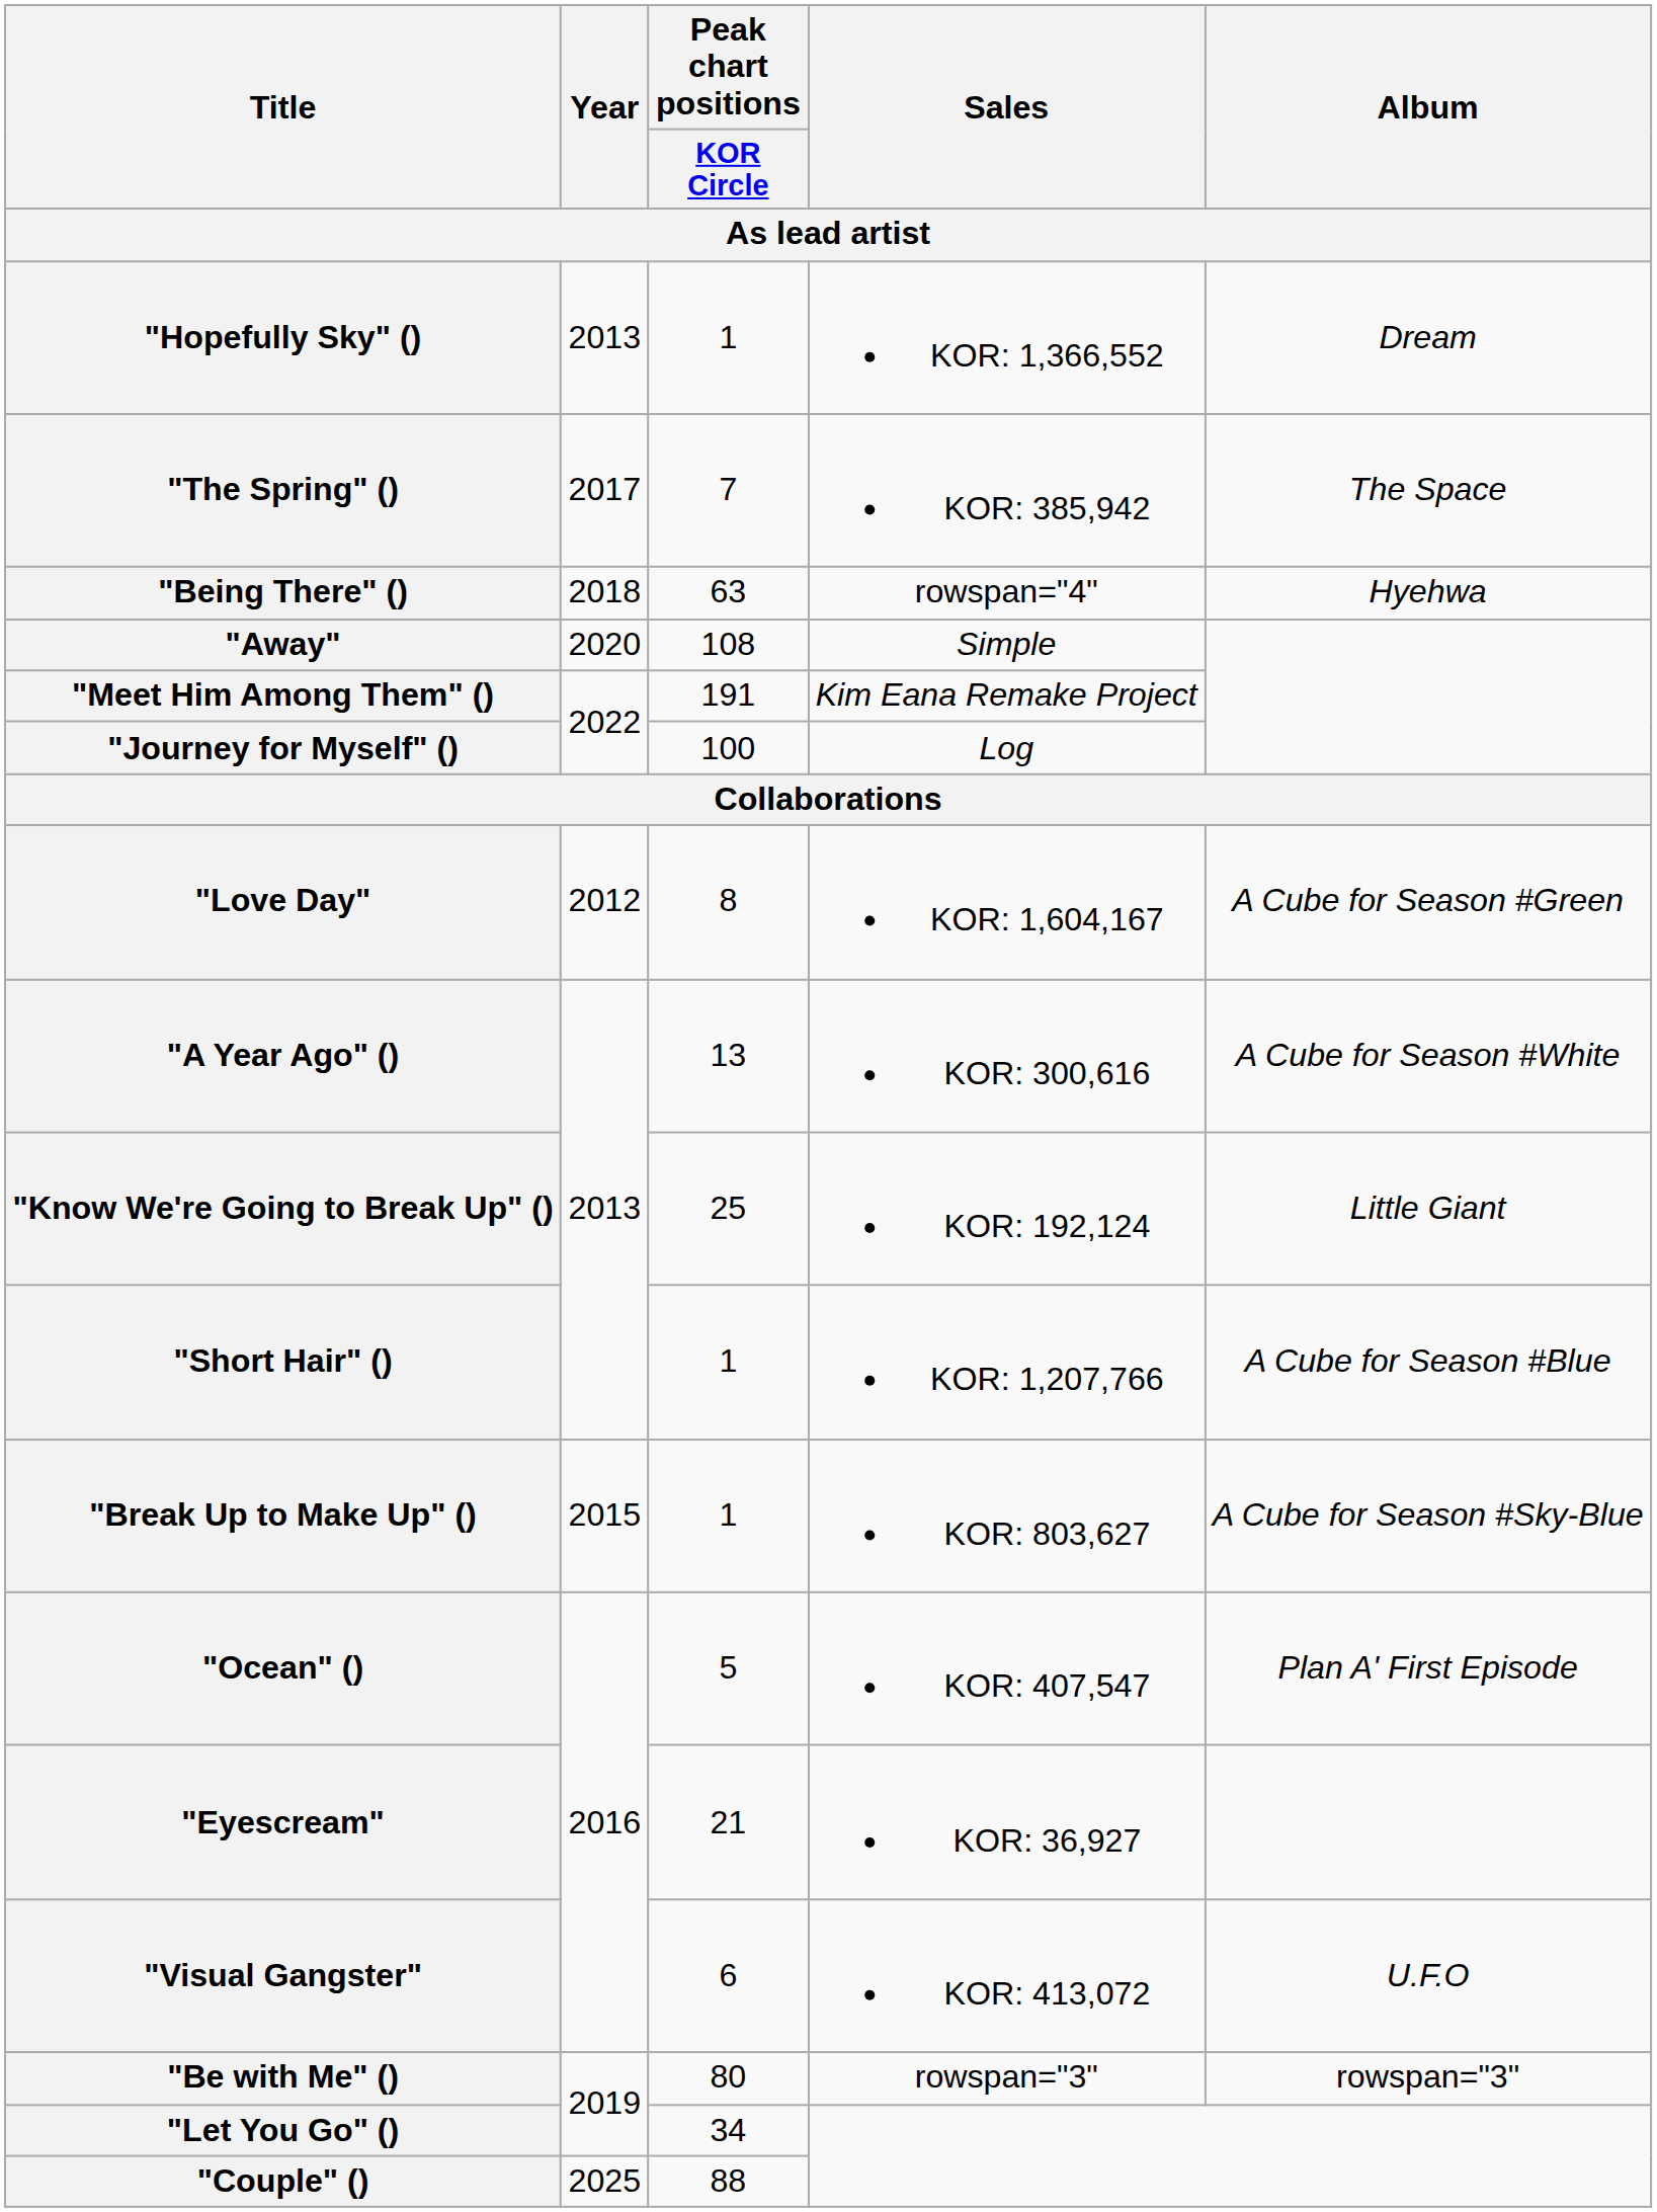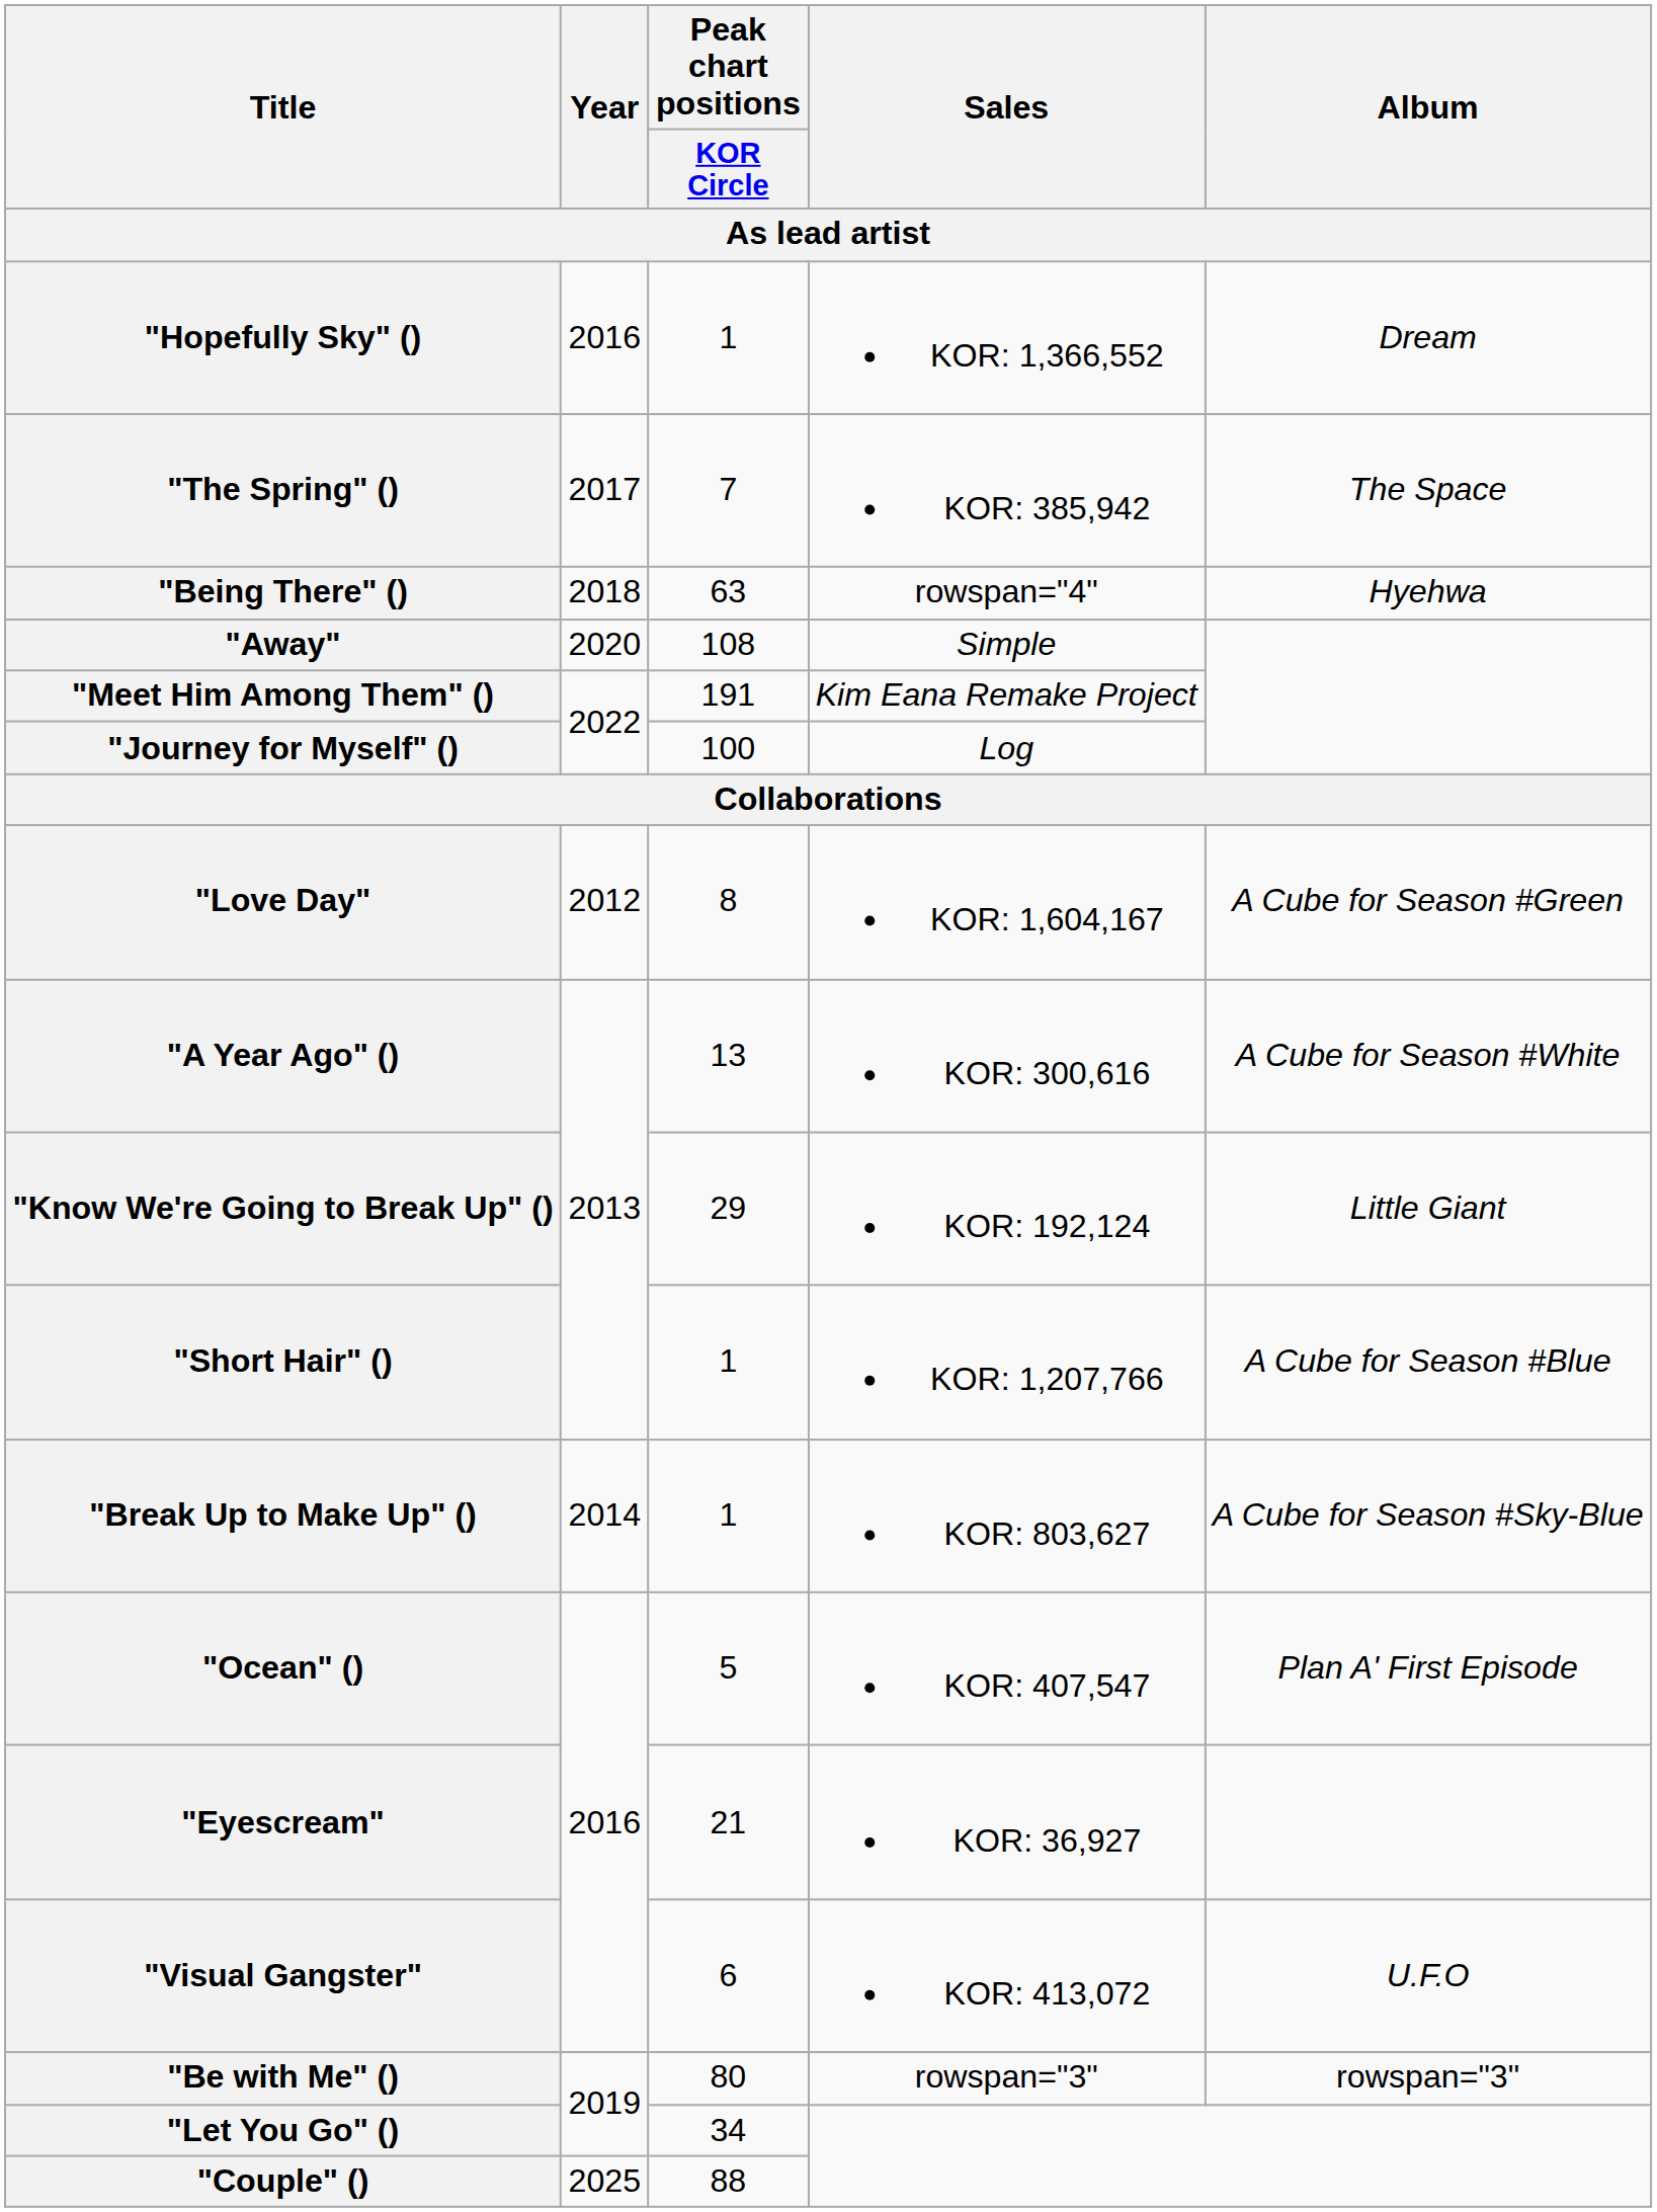 <table class="wikitable plainrowheaders" style="text-align:center">
 <tr>
 <th scope="col" rowspan="2">Title</th>
 <th scope="col" rowspan="2">Year</th>
 <th scope="col">Peak chart positions</th>
 <th scope="col" rowspan="2">Sales</th>
 <th scope="col" rowspan="2">Album</th>
 </tr>
 <tr>
 <th scope="col" style="font-size:90%; width:2.5em"><a href='#'>KOR<br>Circle</a><br></th>
 </tr>
 <tr>
 <th scope="col" colspan="5">As lead artist</th>
 </tr>
 <tr>
 <th scope="row">"Hopefully Sky" ()<br></th>
-<td>2013</td>
+<td>2016</td>
 <td>1</td>
 <td><br><ul><li>KOR: 1,366,552</li></ul></td>
 <td><em>Dream</em></td>
 </tr>
 <tr>
 <th scope="row">"The Spring" ()<br></th>
 <td>2017</td>
 <td>7</td>
 <td><br><ul><li>KOR: 385,942</li></ul></td>
 <td><em>The Space</em></td>
 </tr>
 <tr>
 <th scope="row">"Being There" ()</th>
 <td>2018</td>
 <td>63</td>
 <td>rowspan="4" </td>
 <td><em>Hyehwa</em></td>
 </tr>
 <tr>
 <th scope="row">"Away"</th>
 <td>2020</td>
 <td>108</td>
 <td><em>Simple</em></td>
 </tr>
 <tr>
 <th scope="row">"Meet Him Among Them" ()</th>
 <td rowspan="2">2022</td>
 <td>191</td>
 <td><em>Kim Eana Remake Project</em></td>
 </tr>
 <tr>
 <th scope="row">"Journey for Myself" ()</th>
 <td>100</td>
 <td><em>Log</em></td>
 </tr>
 <tr>
 <th scope="col" colspan="5">Collaborations</th>
 </tr>
 <tr>
 <th scope="row">"Love Day"<br></th>
 <td>2012</td>
 <td>8</td>
 <td><br><ul><li>KOR: 1,604,167</li></ul></td>
 <td><em>A Cube for Season #Green</em></td>
 </tr>
 <tr>
 <th scope="row">"A Year Ago" ()<br></th>
 <td rowspan="3">2013</td>
 <td>13</td>
 <td><br><ul><li>KOR: 300,616</li></ul></td>
 <td><em>A Cube for Season #White</em></td>
 </tr>
 <tr>
 <th scope="row">"Know We're Going to Break Up" ()<br></th>
-<td>25</td>
+<td>29</td>
 <td><br><ul><li>KOR: 192,124</li></ul></td>
 <td><em>Little Giant</em></td>
 </tr>
 <tr>
 <th scope="row">"Short Hair" ()<br></th>
 <td>1</td>
 <td><br><ul><li>KOR: 1,207,766</li></ul></td>
 <td><em>A Cube for Season #Blue</em></td>
 </tr>
 <tr>
 <th scope="row">"Break Up to Make Up" ()<br></th>
-<td>2015</td>
+<td>2014</td>
 <td>1</td>
 <td><br><ul><li>KOR: 803,627</li></ul></td>
 <td><em>A Cube for Season #Sky-Blue</em></td>
 </tr>
 <tr>
 <th scope="row">"Ocean" ()<br></th>
 <td rowspan="3">2016</td>
 <td>5</td>
 <td><br><ul><li>KOR: 407,547</li></ul></td>
 <td><em>Plan A' First Episode</em></td>
 </tr>
 <tr>
 <th scope="row">"Eyescream" <br></th>
 <td>21</td>
 <td><br><ul><li>KOR: 36,927</li></ul></td>
 <td></td>
 </tr>
 <tr>
 <th scope="row">"Visual Gangster" </th>
 <td>6</td>
 <td><br><ul><li>KOR: 413,072</li></ul></td>
 <td><em>U.F.O</em></td>
 </tr>
 <tr>
 <th scope="row">"Be with Me" ()<br></th>
 <td rowspan="2">2019</td>
 <td>80</td>
 <td>rowspan="3" </td>
 <td>rowspan="3" </td>
 </tr>
 <tr>
 <th scope="row">"Let You Go" ()<br></th>
 <td>34</td>
 </tr>
 <tr>
 <th scope="row">"Couple" ()<br></th>
 <td>2025</td>
 <td>88</td>
 </tr>
 </table>
